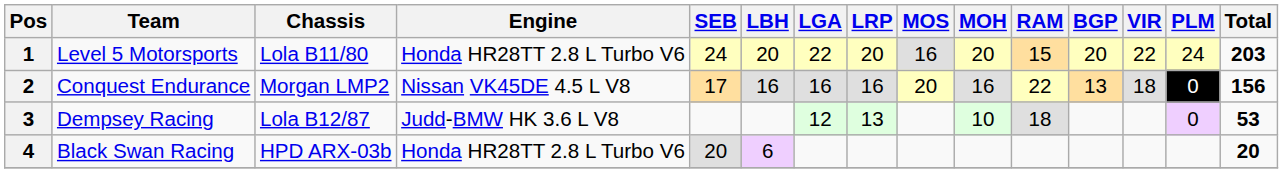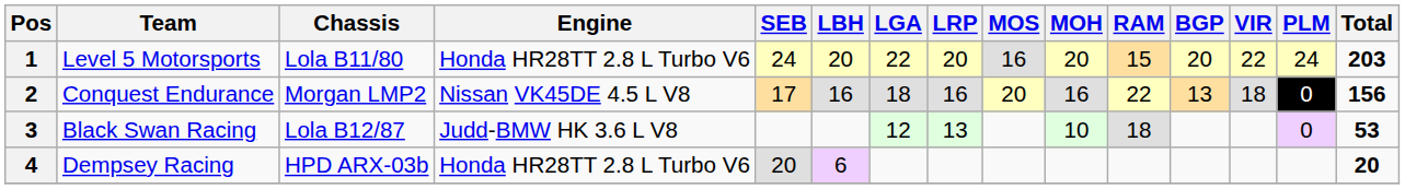 <table class="wikitable" style="font-size: 90%; text-align:center;">
 <tr>
 <th>Pos</th>
 <th>Team</th>
 <th>Chassis</th>
 <th>Engine</th>
 <th><a href='#'>SEB</a></th>
 <th><a href='#'>LBH</a></th>
 <th><a href='#'>LGA</a></th>
 <th><a href='#'>LRP</a></th>
 <th><a href='#'>MOS</a></th>
 <th><a href='#'>MOH</a></th>
 <th><a href='#'>RAM</a></th>
 <th><a href='#'>BGP</a></th>
 <th><a href='#'>VIR</a></th>
 <th><a href='#'>PLM</a></th>
 <th>Total</th>
 </tr>
 <tr>
 <th>1</th>
 <td align=left> <a href='#'>Level 5 Motorsports</a></td>
 <td align=left><a href='#'>Lola B11/80</a></td>
 <td align=left><a href='#'>Honda</a> HR28TT 2.8 L Turbo V6</td>
 <td style="background:#FFFFBF;”">24</td>
 <td style="background:#FFFFBF;”">20</td>
 <td style="background:#FFFFBF;”">22</td>
 <td style="background:#FFFFBF;”">20</td>
 <td style="background:#DFDFDF;”">16</td>
 <td style="background:#FFFFBF;”">20</td>
 <td style="background:#FFDF9F;”">15</td>
 <td style="background:#FFFFBF;”">20</td>
 <td style="background:#FFFFBF;”">22</td>
 <td style="background:#FFFFBF;”">24</td>
 <td><strong>203</strong></td>
 </tr>
 <tr>
 <th>2</th>
 <td align=left> <a href='#'>Conquest Endurance</a></td>
 <td align=left><a href='#'>Morgan LMP2</a></td>
 <td align=left><a href='#'>Nissan</a> <a href='#'>VK45DE</a> 4.5 L V8</td>
 <td style="background:#FFDF9F;”">17</td>
 <td style="background:#DFDFDF;”">16</td>
-<td style="background:#DFDFDF;”">16</td>
+<td style="background:#DFDFDF;”">18</td>
 <td style="background:#DFDFDF;”">16</td>
 <td style="background:#FFFFBF;”">20</td>
 <td style="background:#DFDFDF;”">16</td>
 <td style="background:#FFFFBF;”">22</td>
 <td style="background:#FFDF9F;”">13</td>
 <td style="background:#DFDFDF;”">18</td>
 <td style="background:#000000;color:white">0</td>
 <td><strong>156</strong></td>
 </tr>
 <tr>
 <th>3</th>
-<td align=left> <a href='#'>Dempsey Racing</a></td>
+<td align=left> <a href='#'>Black Swan Racing</a></td>
 <td align=left><a href='#'>Lola B12/87</a></td>
 <td align=left><a href='#'>Judd</a>-<a href='#'>BMW</a> HK 3.6 L V8</td>
 <td></td>
 <td></td>
 <td style="background:#DFFFDF;">12</td>
 <td style="background:#DFFFDF;">13</td>
 <td></td>
 <td style="background:#DFFFDF;">10</td>
 <td style="background:#DFDFDF;”">18</td>
 <td></td>
 <td></td>
 <td style="background:#EFCFFF;">0</td>
 <td><strong>53</strong></td>
 </tr>
 <tr>
 <th>4</th>
-<td align=left> <a href='#'>Black Swan Racing</a></td>
+<td align=left> <a href='#'>Dempsey Racing</a></td>
 <td align=left><a href='#'>HPD ARX-03b</a></td>
 <td align=left><a href='#'>Honda</a> HR28TT 2.8 L Turbo V6</td>
 <td style="background:#DFDFDF;”">20</td>
 <td style="background:#EFCFFF;">6</td>
 <td></td>
 <td></td>
 <td></td>
 <td></td>
 <td></td>
 <td></td>
 <td></td>
 <td></td>
 <td><strong>20</strong></td>
 </tr>
 <tr>
 </tr>
 </table>
